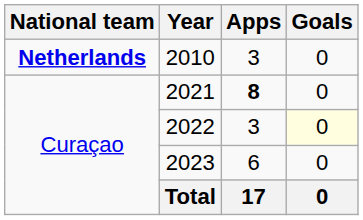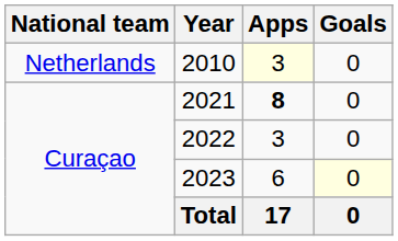 <table class=wikitable style="text-align: center">
 <tr>
 <th>National team</th>
 <th>Year</th>
 <th>Apps</th>
 <th>Goals</th>
 </tr>
 <tr>
-<td rowspan="1"><strong><a href='#'>Netherlands</a></strong></td>
+<td rowspan="1"><a href='#'>Netherlands</a></td>
 <td>2010</td>
-<td>3</td>
+<td style="background: lightyellow;">3</td>
 <td>0</td>
 </tr>
 <tr>
 <td rowspan="4"><a href='#'>Curaçao</a></td>
 <td>2021</td>
 <td><strong>8</strong></td>
 <td>0</td>
 </tr>
 <tr>
 <td>2022</td>
 <td>3</td>
-<td style="background: lightyellow;">0</td>
+<td>0</td>
 </tr>
 <tr>
 <td>2023</td>
 <td>6</td>
-<td>0</td>
+<td style="background: lightyellow;">0</td>
 </tr>
 <tr>
 <th colspan="1">Total</th>
 <th>17</th>
 <th>0</th>
 </tr>
 </table>
